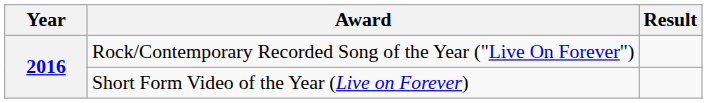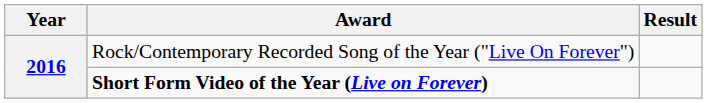 <table class="wikitable">
 <tr>
 <th style="width:60px;">Year</th>
 <th>Award</th>
 <th>Result</th>
 </tr>
 <tr>
 <th rowspan="2"><a href='#'>2016</a></th>
 <td>Rock/Contemporary Recorded Song of the Year ("<a href='#'>Live On Forever</a>")</td>
 <td></td>
 </tr>
 <tr>
-<td>Short Form Video of the Year (<em><a href='#'>Live on Forever</a></em>)</td>
+<td><strong>Short Form Video of the Year (<em><a href='#'>Live on Forever</a></em>)</strong></td>
 <td></td>
 </tr>
 </table>
